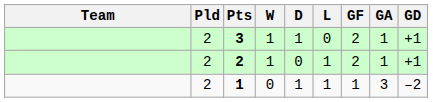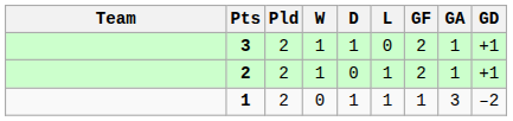 <table class=wikitable style="text-align:center">
 <tr>
 <th width=165>Team</th>
+<th width=20>Pts</th>
 <th width=20>Pld</th>
-<th width=20>Pts</th>
 <th width=20>W</th>
 <th width=20>D</th>
 <th width=20>L</th>
 <th width=20>GF</th>
 <th width=20>GA</th>
 <th width=20>GD</th>
 </tr>
 <tr align=center style="background:#ccffcc;">
 <td style="text-align:left;"></td>
+<td><strong>3</strong></td>
 <td>2</td>
-<td><strong>3</strong></td>
 <td>1</td>
 <td>1</td>
 <td>0</td>
 <td>2</td>
 <td>1</td>
 <td>+1</td>
 </tr>
 <tr align=center style="background:#ccffcc;">
 <td style="text-align:left;"></td>
+<td><strong>2</strong></td>
 <td>2</td>
-<td><strong>2</strong></td>
 <td>1</td>
 <td>0</td>
 <td>1</td>
 <td>2</td>
 <td>1</td>
 <td>+1</td>
 </tr>
 <tr align=center>
 <td style="text-align:left;"></td>
+<td><strong>1</strong></td>
 <td>2</td>
-<td><strong>1</strong></td>
 <td>0</td>
 <td>1</td>
 <td>1</td>
 <td>1</td>
 <td>3</td>
 <td>–2</td>
 </tr>
 </table>
